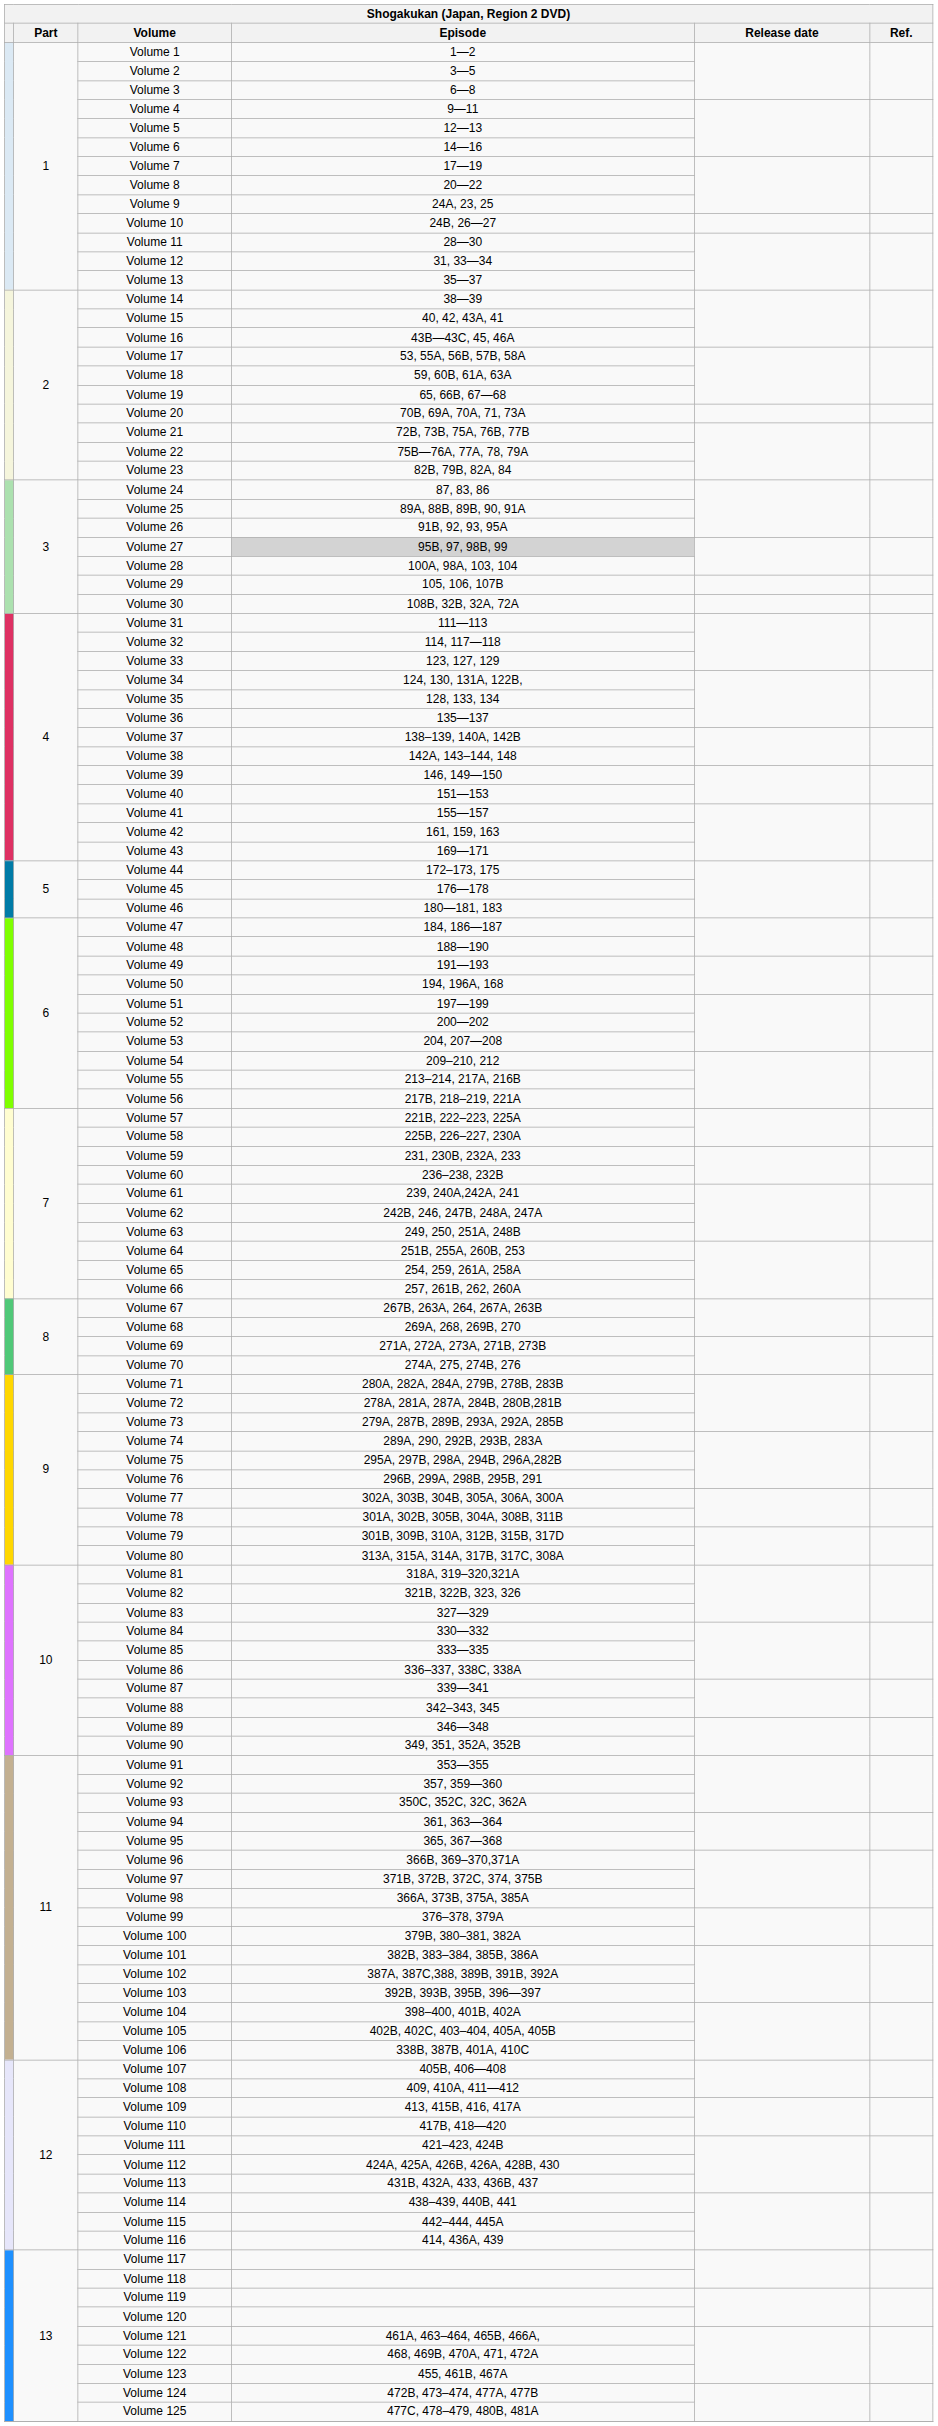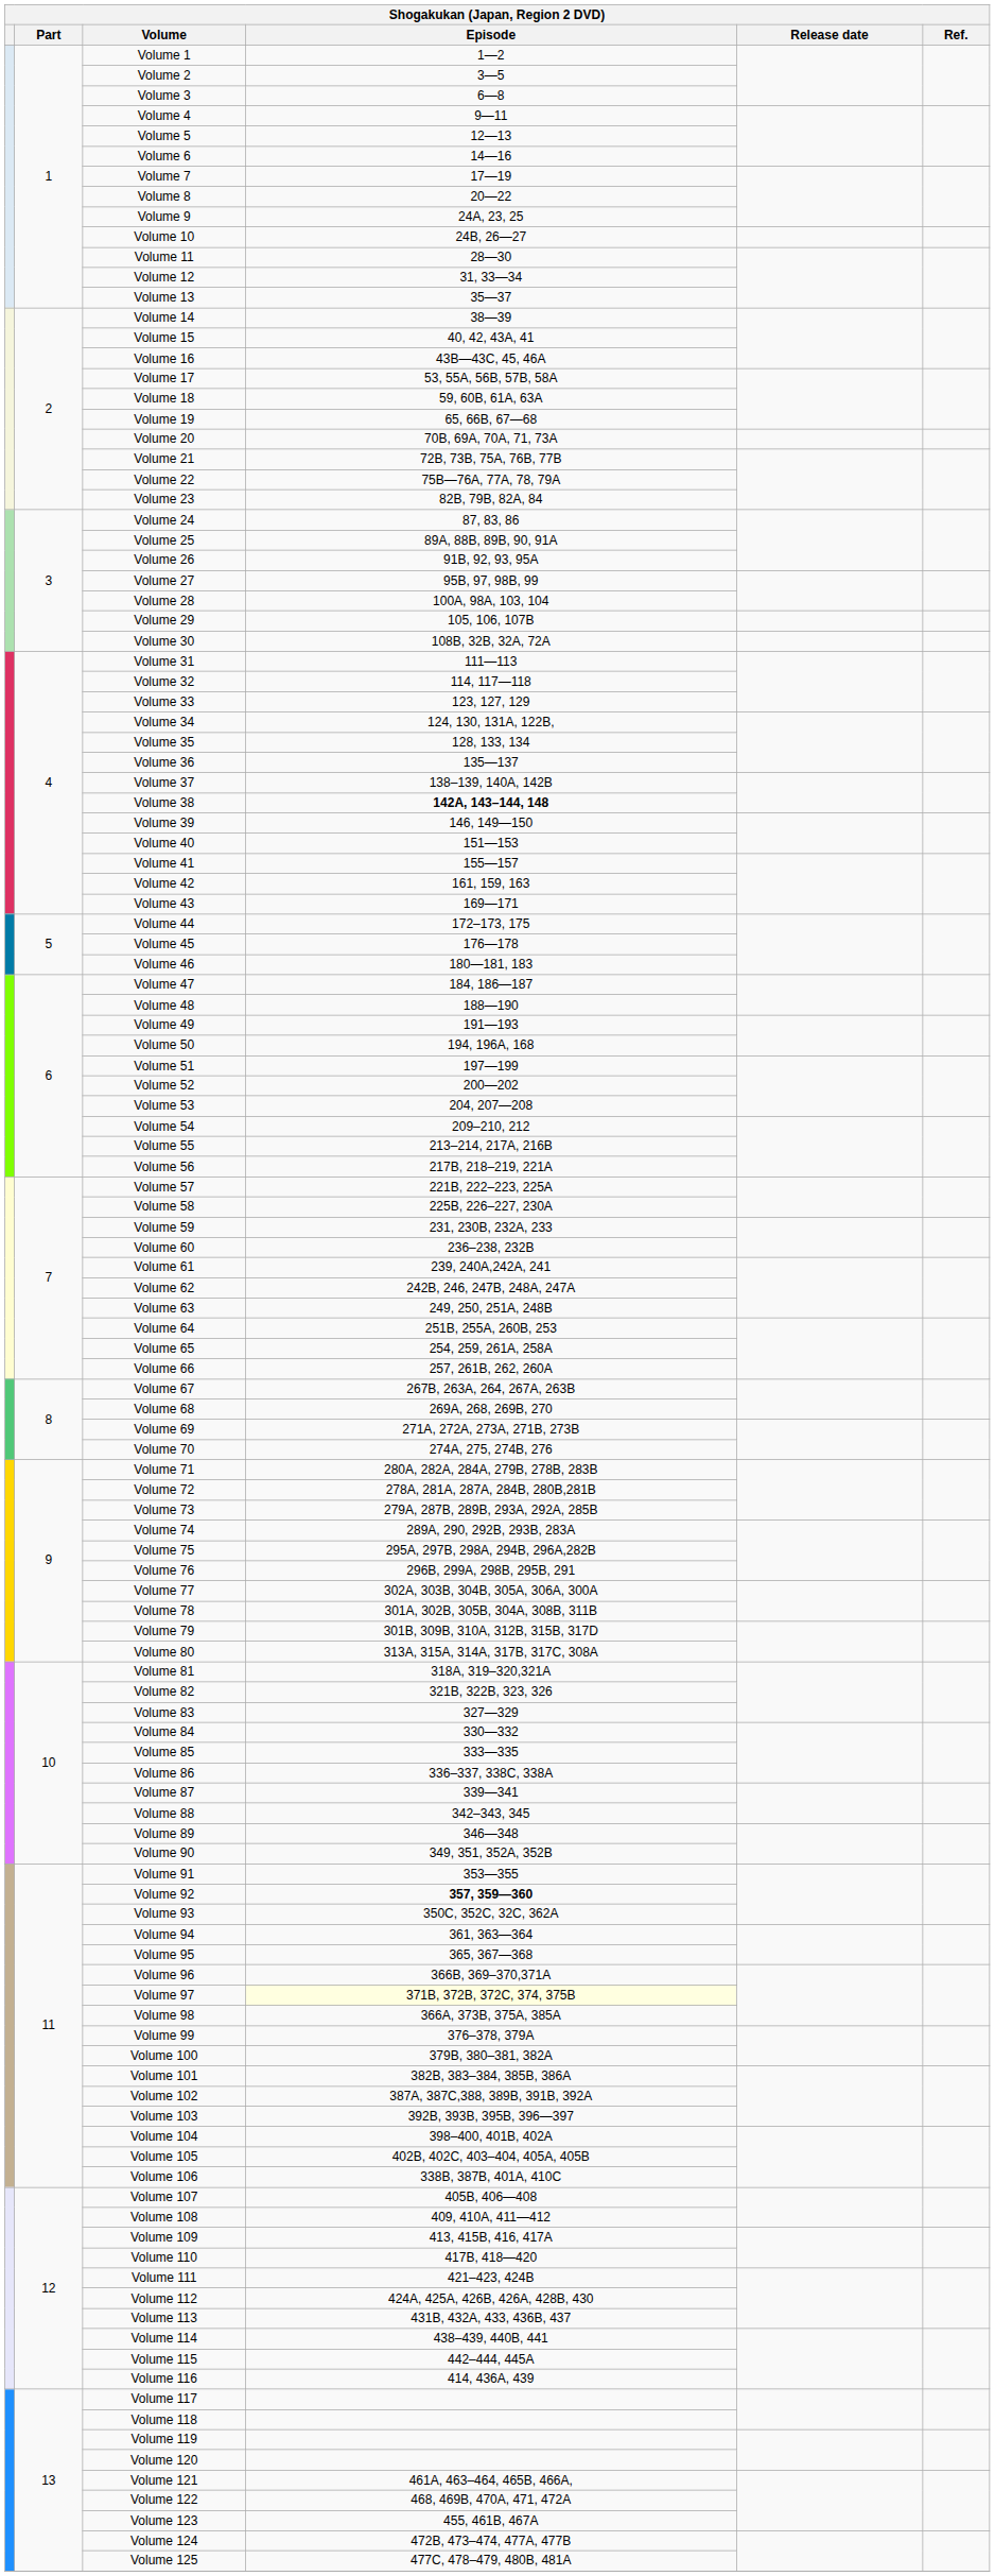 <table class="wikitable" style="text-align: center; width: 98%;">
 <tr>
 <th Colspan = 6>Shogakukan (Japan, Region 2 DVD)</th>
 </tr>
 <tr>
 <th></th>
 <th>Part</th>
 <th>Volume</th>
 <th>Episode</th>
 <th>Release date</th>
 <th>Ref.</th>
 </tr>
 <tr>
 <td rowspan="13" width="1%" style="background: #DBE9F4"></td>
 <td rowspan = 13>1</td>
 <td>Volume 1</td>
 <td>1—2</td>
 <td rowspan = 3></td>
 <td rowspan = 3></td>
 </tr>
 <tr>
 <td>Volume 2</td>
 <td>3—5</td>
 </tr>
 <tr>
 <td>Volume 3</td>
 <td>6—8</td>
 </tr>
 <tr>
 <td>Volume 4</td>
 <td>9—11</td>
 <td rowspan = 3></td>
 <td rowspan = 3></td>
 </tr>
 <tr>
 <td>Volume 5</td>
 <td>12—13</td>
 </tr>
 <tr>
 <td>Volume 6</td>
 <td>14—16</td>
 </tr>
 <tr>
 <td>Volume 7</td>
 <td>17—19</td>
 <td rowspan = 3></td>
 <td rowspan = 3></td>
 </tr>
 <tr>
 <td>Volume 8</td>
 <td>20—22</td>
 </tr>
 <tr>
 <td>Volume 9</td>
 <td>24A, 23, 25</td>
 </tr>
 <tr>
 <td>Volume 10</td>
 <td>24B, 26—27</td>
 <td></td>
 <td></td>
 </tr>
 <tr>
 <td>Volume 11</td>
 <td>28—30</td>
 <td rowspan = 3></td>
 <td rowspan = 3></td>
 </tr>
 <tr>
 <td>Volume 12</td>
 <td>31, 33—34</td>
 </tr>
 <tr>
 <td>Volume 13</td>
 <td>35—37</td>
 </tr>
 <tr>
 <td rowspan="10" width="1%" style="background: #F5F5DC"></td>
 <td rowspan = 10>2</td>
 <td>Volume 14</td>
 <td>38—39</td>
 <td rowspan = 3></td>
 <td rowspan = 3></td>
 </tr>
 <tr>
 <td>Volume 15</td>
 <td>40, 42, 43A, 41</td>
 </tr>
 <tr>
 <td>Volume 16</td>
 <td>43B—43C, 45, 46A</td>
 </tr>
 <tr>
 <td>Volume 17</td>
 <td>53, 55A, 56B, 57B, 58A</td>
 <td rowspan = 3></td>
 <td rowspan = 3></td>
 </tr>
 <tr>
 <td>Volume 18</td>
 <td>59, 60B, 61A, 63A</td>
 </tr>
 <tr>
 <td>Volume 19</td>
 <td>65, 66B, 67—68</td>
 </tr>
 <tr>
 <td>Volume 20</td>
 <td>70B, 69A, 70A, 71, 73A</td>
 <td></td>
 <td></td>
 </tr>
 <tr>
 <td>Volume 21</td>
 <td>72B, 73B, 75A, 76B, 77B</td>
 <td rowspan = 3></td>
 <td rowspan = 3></td>
 </tr>
 <tr>
 <td>Volume 22</td>
 <td>75B—76A, 77A, 78, 79A</td>
 </tr>
 <tr>
 <td>Volume 23</td>
 <td>82B, 79B, 82A, 84</td>
 </tr>
 <tr>
 <td rowspan="7" width="1%" style="background: #ACE1AF"></td>
 <td rowspan = 7>3</td>
 <td>Volume 24</td>
 <td>87, 83, 86</td>
 <td rowspan = 3></td>
 <td rowspan = 3></td>
 </tr>
 <tr>
 <td>Volume 25</td>
 <td>89A, 88B, 89B, 90, 91A</td>
 </tr>
 <tr>
 <td>Volume 26</td>
 <td>91B, 92, 93, 95A</td>
 </tr>
 <tr>
 <td>Volume 27</td>
-<td style="background: lightgrey;">95B, 97, 98B, 99</td>
+<td>95B, 97, 98B, 99</td>
 <td rowspan = 2></td>
 <td rowspan = 2></td>
 </tr>
 <tr>
 <td>Volume 28</td>
 <td>100A, 98A, 103, 104</td>
 </tr>
 <tr>
 <td>Volume 29</td>
 <td>105, 106, 107B</td>
 <td></td>
 </tr>
 <tr>
 <td>Volume 30</td>
 <td>108B, 32B, 32A, 72A</td>
 <td></td>
 <td></td>
 </tr>
 <tr>
 <td rowspan="13" width="1%" style="background: #DE3163"></td>
 <td rowspan =13>4</td>
 <td>Volume 31</td>
 <td>111—113</td>
 <td rowspan = 3></td>
 <td rowspan = 3></td>
 </tr>
 <tr>
 <td>Volume 32</td>
 <td>114, 117—118</td>
 </tr>
 <tr>
 <td>Volume 33</td>
 <td>123, 127, 129</td>
 </tr>
 <tr>
 <td>Volume 34</td>
 <td>124, 130, 131A, 122B,</td>
 <td rowspan = 3></td>
 <td rowspan = 3></td>
 </tr>
 <tr>
 <td>Volume 35</td>
 <td>128, 133, 134</td>
 </tr>
 <tr>
 <td>Volume 36</td>
 <td>135—137</td>
 </tr>
 <tr>
 <td>Volume 37</td>
 <td>138–139, 140A, 142B</td>
 <td rowspan = 2></td>
 <td rowspan = 2></td>
 </tr>
 <tr>
 <td>Volume 38</td>
-<td>142A, 143–144, 148</td>
+<td><strong>142A, 143–144, 148</strong></td>
 </tr>
 <tr>
 <td>Volume 39</td>
 <td>146, 149—150</td>
 <td rowspan = 2></td>
 <td rowspan = 2></td>
 </tr>
 <tr>
 <td>Volume 40</td>
 <td>151—153</td>
 </tr>
 <tr>
 <td>Volume 41</td>
 <td>155—157</td>
 <td rowspan = 3></td>
 <td rowspan = 3></td>
 </tr>
 <tr>
 <td>Volume 42</td>
 <td>161, 159, 163</td>
 </tr>
 <tr>
 <td>Volume 43</td>
 <td>169—171</td>
 </tr>
 <tr>
 <td rowspan="3" width="1%" style="background: #007BA7"></td>
 <td rowspan =3>5</td>
 <td>Volume 44</td>
 <td>172–173, 175</td>
 <td rowspan = 3></td>
 <td rowspan = 3></td>
 </tr>
 <tr>
 <td>Volume 45</td>
 <td>176—178</td>
 </tr>
 <tr>
 <td>Volume 46</td>
 <td>180—181, 183</td>
 </tr>
 <tr>
 <td rowspan="10" width="1%" style="background: #7FFF00"></td>
 <td rowspan = 10>6</td>
 <td>Volume 47</td>
 <td>184, 186—187</td>
 <td rowspan = 2></td>
 <td rowspan = 2></td>
 </tr>
 <tr>
 <td>Volume 48</td>
 <td>188—190</td>
 </tr>
 <tr>
 <td>Volume 49</td>
 <td>191—193</td>
 <td rowspan = 2></td>
 <td rowspan = 2></td>
 </tr>
 <tr>
 <td>Volume 50</td>
 <td>194, 196A, 168</td>
 </tr>
 <tr>
 <td>Volume 51</td>
 <td>197—199</td>
 <td rowspan = 3></td>
 <td rowspan = 3></td>
 </tr>
 <tr>
 <td>Volume 52</td>
 <td>200—202</td>
 </tr>
 <tr>
 <td>Volume 53</td>
 <td>204, 207—208</td>
 </tr>
 <tr>
 <td>Volume 54</td>
 <td>209–210, 212</td>
 <td rowspan = 3></td>
 <td rowspan = 3></td>
 </tr>
 <tr>
 <td>Volume 55</td>
 <td>213–214, 217A, 216B</td>
 </tr>
 <tr>
 <td>Volume 56</td>
 <td>217B, 218–219, 221A</td>
 </tr>
 <tr>
 <td rowspan="10" width="1%" style="background: #FFFDD0"></td>
 <td rowspan = 10>7</td>
 <td>Volume 57</td>
 <td>221B, 222–223, 225A</td>
 <td rowspan = 2></td>
 <td rowspan = 2></td>
 </tr>
 <tr>
 <td>Volume 58</td>
 <td>225B, 226–227, 230A</td>
 </tr>
 <tr>
 <td>Volume 59</td>
 <td>231, 230B, 232A, 233</td>
 <td rowspan = 2></td>
 <td rowspan = 2></td>
 </tr>
 <tr>
 <td>Volume 60</td>
 <td>236–238, 232B</td>
 </tr>
 <tr>
 <td>Volume 61</td>
 <td>239, 240A,242A, 241</td>
 <td rowspan = 3></td>
 <td rowspan = 3></td>
 </tr>
 <tr>
 <td>Volume 62</td>
 <td>242B, 246, 247B, 248A, 247A</td>
 </tr>
 <tr>
 <td>Volume 63</td>
 <td>249, 250, 251A, 248B</td>
 </tr>
 <tr>
 <td>Volume 64</td>
 <td>251B, 255A, 260B, 253</td>
 <td rowspan = 3></td>
 <td rowspan = 3></td>
 </tr>
 <tr>
 <td>Volume 65</td>
 <td>254, 259, 261A, 258A</td>
 </tr>
 <tr>
 <td>Volume 66</td>
 <td>257, 261B, 262, 260A</td>
 </tr>
 <tr>
 <td rowspan="4" width="1%" style="background: #50C878"></td>
 <td rowspan =4>8</td>
 <td>Volume 67</td>
 <td>267B, 263A, 264, 267A, 263B</td>
 <td rowspan = 2></td>
 <td rowspan = 2></td>
 </tr>
 <tr>
 <td>Volume 68</td>
 <td>269A, 268, 269B, 270</td>
 </tr>
 <tr>
 <td>Volume 69</td>
 <td>271A, 272A, 273A, 271B, 273B</td>
 <td rowspan = 2></td>
 <td rowspan = 2></td>
 </tr>
 <tr>
 <td>Volume 70</td>
 <td>274A, 275, 274B, 276</td>
 </tr>
 <tr>
 <td rowspan="10" width="1%" style="background: #FFD700"></td>
 <td rowspan = 10>9</td>
 <td>Volume 71</td>
 <td>280A, 282A, 284A, 279B, 278B, 283B</td>
 <td rowspan = 3></td>
 <td rowspan = 3></td>
 </tr>
 <tr>
 <td>Volume 72</td>
 <td>278A, 281A, 287A, 284B, 280B,281B</td>
 </tr>
 <tr>
 <td>Volume 73</td>
 <td>279A, 287B, 289B, 293A, 292A, 285B</td>
 </tr>
 <tr>
 <td>Volume 74</td>
 <td>289A, 290, 292B, 293B, 283A</td>
 <td rowspan = 3></td>
 <td rowspan = 3></td>
 </tr>
 <tr>
 <td>Volume 75</td>
 <td>295A, 297B, 298A, 294B, 296A,282B</td>
 </tr>
 <tr>
 <td>Volume 76</td>
 <td>296B, 299A, 298B, 295B, 291</td>
 </tr>
 <tr>
 <td>Volume 77</td>
 <td>302A, 303B, 304B, 305A, 306A, 300A</td>
 <td rowspan = 2></td>
 <td rowspan = 2></td>
 </tr>
 <tr>
 <td>Volume 78</td>
 <td>301A, 302B, 305B, 304A, 308B, 311B</td>
 </tr>
 <tr>
 <td>Volume 79</td>
 <td>301B, 309B, 310A, 312B, 315B, 317D</td>
 <td rowspan = 2></td>
 <td rowspan = 2></td>
 </tr>
 <tr>
 <td>Volume 80</td>
 <td>313A, 315A, 314A, 317B, 317C, 308A</td>
 </tr>
 <tr>
 <td rowspan="10" width="1%" style="background: #DF73FF"></td>
 <td rowspan = 10>10</td>
 <td>Volume 81</td>
 <td>318A, 319–320,321A</td>
 <td rowspan = 3></td>
 <td rowspan = 3></td>
 </tr>
 <tr>
 <td>Volume 82</td>
 <td>321B, 322B, 323, 326</td>
 </tr>
 <tr>
 <td>Volume 83</td>
 <td>327—329</td>
 </tr>
 <tr>
 <td>Volume 84</td>
 <td>330—332</td>
 <td rowspan = 3></td>
 <td rowspan = 3></td>
 </tr>
 <tr>
 <td>Volume 85</td>
 <td>333—335</td>
 </tr>
 <tr>
 <td>Volume 86</td>
 <td>336–337, 338C, 338A</td>
 </tr>
 <tr>
 <td>Volume 87</td>
 <td>339—341</td>
 <td rowspan = 2></td>
 <td rowspan = 2></td>
 </tr>
 <tr>
 <td>Volume 88</td>
 <td>342–343, 345</td>
 </tr>
 <tr>
 <td>Volume 89</td>
 <td>346—348</td>
 <td rowspan = 2></td>
 <td rowspan = 2></td>
 </tr>
 <tr>
 <td>Volume 90</td>
 <td>349, 351, 352A, 352B</td>
 </tr>
 <tr>
 <td rowspan="16" width="1%" style="background: #C3B091"></td>
 <td rowspan = 16>11</td>
 <td>Volume 91</td>
 <td>353—355</td>
 <td rowspan = 3></td>
 </tr>
 <tr>
 <td>Volume 92</td>
-<td>357, 359—360</td>
+<td><strong>357, 359—360</strong></td>
 </tr>
 <tr>
 <td>Volume 93</td>
 <td>350C, 352C, 32C, 362A</td>
 </tr>
 <tr>
 <td>Volume 94</td>
 <td>361, 363—364</td>
 <td rowspan = 2></td>
 <td rowspan = 2></td>
 </tr>
 <tr>
 <td>Volume 95</td>
 <td>365, 367—368</td>
 </tr>
 <tr>
 <td>Volume 96</td>
 <td>366B, 369–370,371A</td>
 <td rowspan = 3></td>
 <td rowspan = 3></td>
 </tr>
 <tr>
 <td>Volume 97</td>
-<td>371B, 372B, 372C, 374, 375B</td>
+<td style="background: lightyellow;">371B, 372B, 372C, 374, 375B</td>
 </tr>
 <tr>
 <td>Volume 98</td>
 <td>366A, 373B, 375A, 385A</td>
 </tr>
 <tr>
 <td>Volume 99</td>
 <td>376–378, 379A</td>
 <td rowspan = 2></td>
 <td rowspan = 2></td>
 </tr>
 <tr>
 <td>Volume 100</td>
 <td>379B, 380–381, 382A</td>
 </tr>
 <tr>
 <td>Volume 101</td>
 <td>382B, 383–384, 385B, 386A</td>
 <td rowspan = 3></td>
 <td rowspan = 3></td>
 </tr>
 <tr>
 <td>Volume 102</td>
 <td>387A, 387C,388, 389B, 391B, 392A</td>
 </tr>
 <tr>
 <td>Volume 103</td>
 <td>392B, 393B, 395B, 396—397</td>
 </tr>
 <tr>
 <td>Volume 104</td>
 <td>398–400, 401B, 402A</td>
 <td rowspan = 3></td>
 <td rowspan = 3></td>
 </tr>
 <tr>
 <td>Volume 105</td>
 <td>402B, 402C, 403–404, 405A, 405B</td>
 </tr>
 <tr>
 <td>Volume 106</td>
 <td>338B, 387B, 401A, 410C</td>
 </tr>
 <tr>
 <td rowspan="10" width="1%" style="background:#E6E6FA"></td>
 <td rowspan = 10>12</td>
 <td>Volume 107</td>
 <td>405B, 406—408</td>
 <td rowspan = 2></td>
 <td rowspan = 2></td>
 </tr>
 <tr>
 <td>Volume 108</td>
 <td>409, 410A, 411—412</td>
 </tr>
 <tr>
 <td>Volume 109</td>
 <td>413, 415B, 416, 417A</td>
 <td rowspan = 2></td>
 <td rowspan = 2></td>
 </tr>
 <tr>
 <td>Volume 110</td>
 <td>417B, 418—420</td>
 </tr>
 <tr>
 <td>Volume 111</td>
 <td>421–423, 424B</td>
 <td rowspan = 3></td>
 <td rowspan = 3></td>
 </tr>
 <tr>
 <td>Volume 112</td>
 <td>424A, 425A, 426B, 426A, 428B, 430</td>
 </tr>
 <tr>
 <td>Volume 113</td>
 <td>431B, 432A, 433, 436B, 437</td>
 </tr>
 <tr>
 <td>Volume 114</td>
 <td>438–439, 440B, 441</td>
 <td rowspan = 3></td>
 <td rowspan = 3></td>
 </tr>
 <tr>
 <td>Volume 115</td>
 <td>442–444, 445A</td>
 </tr>
 <tr>
 <td>Volume 116</td>
 <td>414, 436A, 439</td>
 </tr>
 <tr>
 <td rowspan ="9" width ="1%" style="background:#1E90FF"></td>
 <td rowspan = 9>13</td>
 <td>Volume 117</td>
 <td></td>
 <td rowspan = 2></td>
 <td rowspan = 2></td>
 </tr>
 <tr>
 <td>Volume 118</td>
 <td></td>
 </tr>
 <tr>
 <td>Volume 119</td>
 <td></td>
 <td rowspan = 2></td>
 <td rowspan = 2></td>
 </tr>
 <tr>
 <td>Volume 120</td>
 <td></td>
 </tr>
 <tr>
 <td>Volume 121</td>
 <td>461A, 463–464, 465B, 466A,</td>
 <td rowspan = 3></td>
 <td rowspan = 3></td>
 </tr>
 <tr>
 <td>Volume 122</td>
 <td>468, 469B, 470A, 471, 472A</td>
 </tr>
 <tr>
 <td>Volume 123</td>
 <td>455, 461B, 467A</td>
 </tr>
 <tr>
 <td>Volume 124</td>
 <td>472B, 473–474, 477A, 477B</td>
 <td rowspan = 2></td>
 <td rowspan = 2></td>
 </tr>
 <tr>
 <td>Volume 125</td>
 <td>477C, 478–479, 480B, 481A</td>
 </tr>
 <tr>
 </tr>
 </table>
